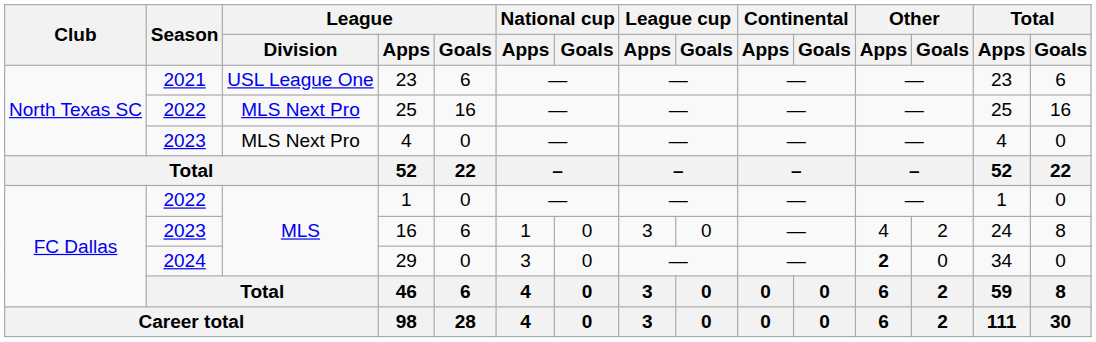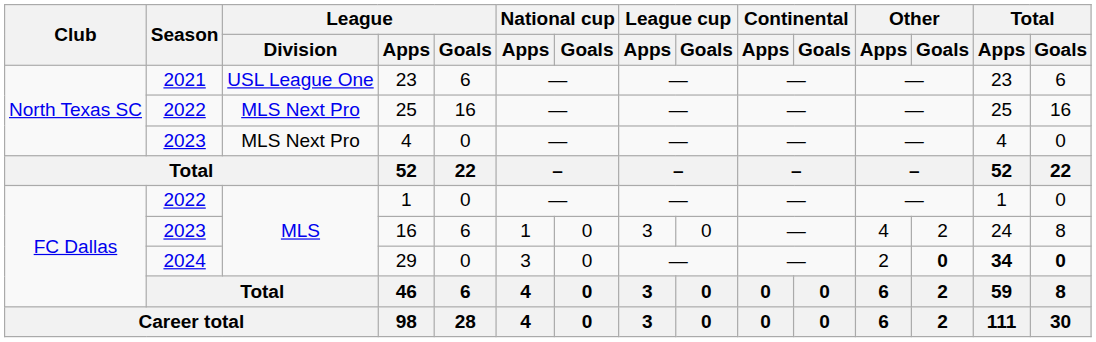 <table class=wikitable style=text-align:center>
 <tr>
 <th rowspan=2>Club</th>
 <th rowspan=2>Season</th>
 <th colspan=3>League</th>
 <th colspan=2>National cup</th>
 <th colspan=2>League cup</th>
 <th colspan=2>Continental</th>
 <th colspan=2>Other</th>
 <th colspan=2>Total</th>
 </tr>
 <tr>
 <th>Division</th>
 <th>Apps</th>
 <th>Goals</th>
 <th>Apps</th>
 <th>Goals</th>
 <th>Apps</th>
 <th>Goals</th>
 <th>Apps</th>
 <th>Goals</th>
 <th>Apps</th>
 <th>Goals</th>
 <th>Apps</th>
 <th>Goals</th>
 </tr>
 <tr>
 <td rowspan=3><a href='#'>North Texas SC</a></td>
 <td><a href='#'>2021</a></td>
 <td><a href='#'>USL League One</a></td>
 <td>23</td>
 <td>6</td>
 <td colspan=2>—</td>
 <td colspan=2>—</td>
 <td colspan=2>—</td>
 <td colspan=2>—</td>
 <td>23</td>
 <td>6</td>
 </tr>
 <tr>
 <td><a href='#'>2022</a></td>
 <td><a href='#'>MLS Next Pro</a></td>
 <td>25</td>
 <td>16</td>
 <td colspan=2>—</td>
 <td colspan=2>—</td>
 <td colspan=2>—</td>
 <td colspan=2>—</td>
 <td>25</td>
 <td>16</td>
 </tr>
 <tr>
 <td><a href='#'>2023</a></td>
 <td>MLS Next Pro</td>
 <td>4</td>
 <td>0</td>
 <td colspan=2>—</td>
 <td colspan=2>—</td>
 <td colspan=2>—</td>
 <td colspan=2>—</td>
 <td>4</td>
 <td>0</td>
 </tr>
 <tr>
 <th colspan="3"><strong>Total</strong></th>
 <th>52</th>
 <th>22</th>
 <th colspan="2">–</th>
 <th colspan="2">–</th>
 <th colspan="2">–</th>
 <th colspan="2">–</th>
 <th>52</th>
 <th>22</th>
 </tr>
 <tr>
 <td rowspan=4><a href='#'>FC Dallas</a></td>
 <td><a href='#'>2022</a></td>
 <td rowspan=3><a href='#'>MLS</a></td>
 <td>1</td>
 <td>0</td>
 <td colspan=2>—</td>
 <td colspan=2>—</td>
 <td colspan=2>—</td>
 <td colspan=2>—</td>
 <td>1</td>
 <td>0</td>
 </tr>
 <tr>
 <td><a href='#'>2023</a></td>
 <td>16</td>
 <td>6</td>
 <td>1</td>
 <td>0</td>
 <td>3</td>
 <td>0</td>
 <td colspan=2>—</td>
 <td>4</td>
 <td>2</td>
 <td>24</td>
 <td>8</td>
 </tr>
 <tr>
 <td><a href='#'>2024</a></td>
 <td>29</td>
 <td>0</td>
 <td>3</td>
 <td>0</td>
 <td colspan=2>—</td>
 <td colspan=2>—</td>
-<td><strong>2</strong></td>
-<td>0</td>
-<td>34</td>
-<td>0</td>
+<td>2</td>
+<td><strong>0</strong></td>
+<td><strong>34</strong></td>
+<td><strong>0</strong></td>
 </tr>
 <tr>
 <th colspan="2"><strong>Total</strong></th>
 <th>46</th>
 <th>6</th>
 <th>4</th>
 <th>0</th>
 <th>3</th>
 <th>0</th>
 <th>0</th>
 <th>0</th>
 <th>6</th>
 <th>2</th>
 <th>59</th>
 <th>8</th>
 </tr>
 <tr>
 <th colspan="3">Career total</th>
 <th>98</th>
 <th>28</th>
 <th>4</th>
 <th>0</th>
 <th>3</th>
 <th>0</th>
 <th>0</th>
 <th>0</th>
 <th>6</th>
 <th>2</th>
 <th>111</th>
 <th>30</th>
 </tr>
 </table>
